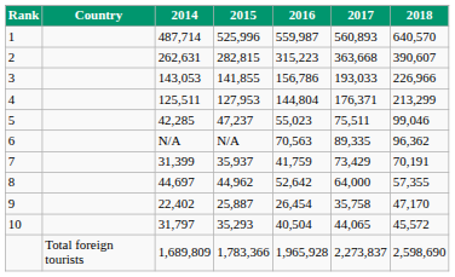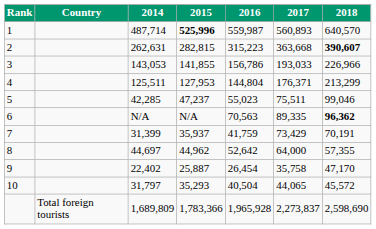 <table class="wikitable">
 <tr>
 </tr>
 <tr style="color:white;">
 <th style="width:5px; background:#00966E;">Rank</th>
 <th style="width:130px; background:#00966E;">Country</th>
 <th style="width:50px; background:#00966E;">2014</th>
 <th style="width:50px; background:#00966E;">2015</th>
 <th style="width:50px; background:#00966E;">2016</th>
 <th style="width:50px; background:#00966E;">2017</th>
 <th style="width:50px; background:#00966E;">2018</th>
 </tr>
 <tr>
 <td>1</td>
 <td></td>
 <td>487,714</td>
-<td>525,996</td>
+<td><strong>525,996</strong></td>
 <td>559,987</td>
 <td>560,893</td>
 <td>640,570</td>
 </tr>
 <tr>
 <td>2</td>
 <td></td>
 <td>262,631</td>
 <td>282,815</td>
 <td>315,223</td>
 <td>363,668</td>
-<td>390,607</td>
+<td><strong>390,607</strong></td>
 </tr>
 <tr>
 <td>3</td>
 <td></td>
 <td>143,053</td>
 <td>141,855</td>
 <td>156,786</td>
 <td>193,033</td>
 <td>226,966</td>
 </tr>
 <tr>
 <td>4</td>
 <td></td>
 <td>125,511</td>
 <td>127,953</td>
 <td>144,804</td>
 <td>176,371</td>
 <td>213,299</td>
 </tr>
 <tr>
 <td>5</td>
 <td></td>
 <td>42,285</td>
 <td>47,237</td>
 <td>55,023</td>
 <td>75,511</td>
 <td>99,046</td>
 </tr>
 <tr>
 <td>6</td>
 <td></td>
 <td>N/A</td>
 <td>N/A</td>
 <td>70,563</td>
 <td>89,335</td>
-<td>96,362</td>
+<td><strong>96,362</strong></td>
 </tr>
 <tr>
 <td>7</td>
 <td></td>
 <td>31,399</td>
 <td>35,937</td>
 <td>41,759</td>
 <td>73,429</td>
 <td>70,191</td>
 </tr>
 <tr>
 <td>8</td>
 <td></td>
 <td>44,697</td>
 <td>44,962</td>
 <td>52,642</td>
 <td>64,000</td>
 <td>57,355</td>
 </tr>
 <tr>
 <td>9</td>
 <td></td>
 <td>22,402</td>
 <td>25,887</td>
 <td>26,454</td>
 <td>35,758</td>
 <td>47,170</td>
 </tr>
 <tr>
 <td>10</td>
 <td></td>
 <td>31,797</td>
 <td>35,293</td>
 <td>40,504</td>
 <td>44,065</td>
 <td>45,572</td>
 </tr>
 <tr>
 <td></td>
 <td>Total foreign tourists</td>
 <td>1,689,809</td>
 <td>1,783,366</td>
 <td>1,965,928</td>
 <td>2,273,837</td>
 <td>2,598,690</td>
 </tr>
 </table>
